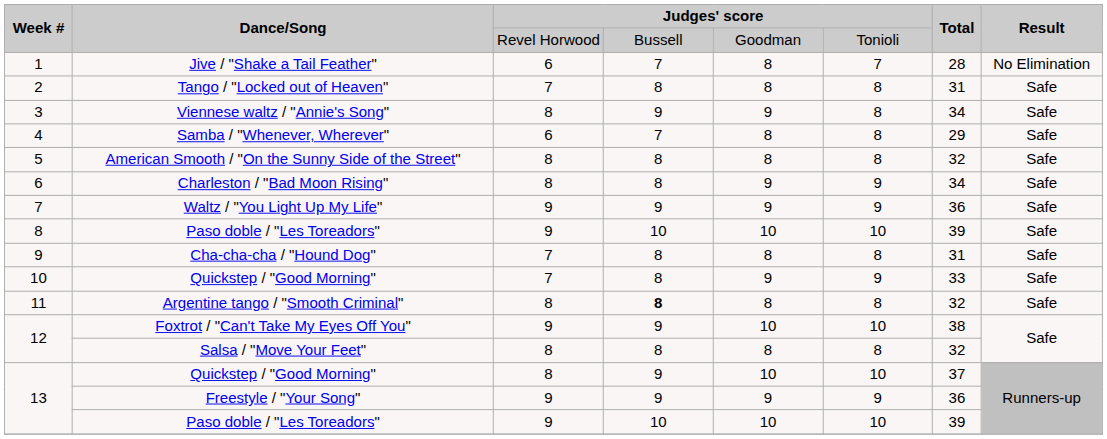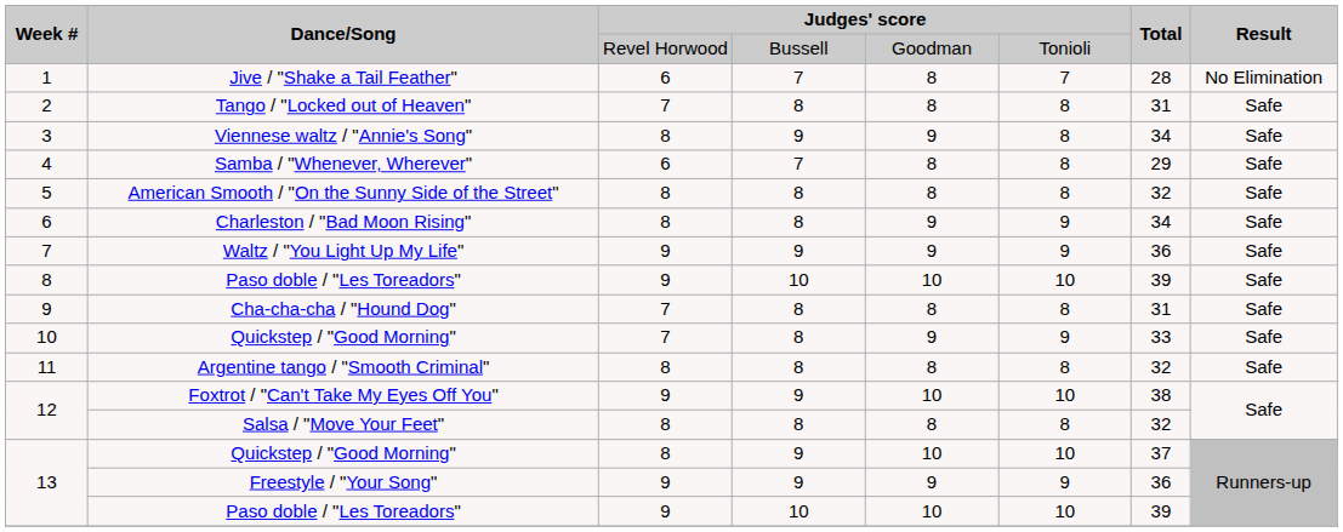 <table class="wikitable sortable" style="float:left;">
 <tr>
 <td rowspan="2" bgcolor="#CCCCCC" align="Center"><strong>Week #</strong></td>
 <td rowspan="2" bgcolor="#CCCCCC" align="Center"><strong>Dance/Song</strong></td>
 <td colspan="4" bgcolor="#CCCCCC" align="Center"><strong>Judges' score</strong></td>
 <td rowspan="2" bgcolor="#CCCCCC" align="Center"><strong>Total</strong></td>
 <td rowspan="2" bgcolor="#CCCCCC" align="Center"><strong>Result</strong></td>
 </tr>
 <tr>
 <td bgcolor="#CCCCCC" width="10%" align="center">Revel Horwood</td>
 <td bgcolor="#CCCCCC" width="10%" align="center">Bussell</td>
 <td bgcolor="#CCCCCC" width="10%" align="center">Goodman</td>
 <td bgcolor="#CCCCCC" width="10%" align="center">Tonioli</td>
 </tr>
 <tr align="center" bgcolor="#FAF6F6">
 <td>1</td>
 <td><a href='#'>Jive</a> / "<a href='#'>Shake a Tail Feather</a>"</td>
 <td>6</td>
 <td>7</td>
 <td>8</td>
 <td>7</td>
 <td>28</td>
 <td>No Elimination</td>
 </tr>
 <tr align="center" bgcolor="#FAF6F6">
 <td>2</td>
 <td><a href='#'>Tango</a> / "<a href='#'>Locked out of Heaven</a>"</td>
 <td>7</td>
 <td>8</td>
 <td>8</td>
 <td>8</td>
 <td>31</td>
 <td>Safe</td>
 </tr>
 <tr align="center" bgcolor="#FAF6F6">
 <td>3</td>
 <td><a href='#'>Viennese waltz</a> / "<a href='#'>Annie's Song</a>"</td>
 <td>8</td>
 <td>9</td>
 <td>9</td>
 <td>8</td>
 <td>34</td>
 <td>Safe</td>
 </tr>
 <tr align="center" bgcolor="#FAF6F6">
 <td>4</td>
 <td><a href='#'>Samba</a> / "<a href='#'>Whenever, Wherever</a>"</td>
 <td>6</td>
 <td>7</td>
 <td>8</td>
 <td>8</td>
 <td>29</td>
 <td>Safe</td>
 </tr>
 <tr align="center" bgcolor="#FAF6F6">
 <td>5</td>
 <td><a href='#'>American Smooth</a> / "<a href='#'>On the Sunny Side of the Street</a>"</td>
 <td>8</td>
 <td>8</td>
 <td>8</td>
 <td>8</td>
 <td>32</td>
 <td>Safe</td>
 </tr>
 <tr align="center" bgcolor="#FAF6F6">
 <td>6</td>
 <td><a href='#'>Charleston</a> / "<a href='#'>Bad Moon Rising</a>"</td>
 <td>8</td>
 <td>8</td>
 <td>9</td>
 <td>9</td>
 <td>34</td>
 <td>Safe</td>
 </tr>
 <tr align="center" bgcolor="#FAF6F6">
 <td>7</td>
 <td><a href='#'>Waltz</a> / "<a href='#'>You Light Up My Life</a>"</td>
 <td>9</td>
 <td>9</td>
 <td>9</td>
 <td>9</td>
 <td>36</td>
 <td>Safe</td>
 </tr>
 <tr align="center" bgcolor="#FAF6F6">
 <td>8</td>
 <td><a href='#'>Paso doble</a> / "<a href='#'>Les Toreadors</a>"</td>
 <td>9</td>
 <td>10</td>
 <td>10</td>
 <td>10</td>
 <td>39</td>
 <td>Safe</td>
 </tr>
 <tr align="center" bgcolor="#FAF6F6">
 <td>9</td>
 <td><a href='#'>Cha-cha-cha</a> / "<a href='#'>Hound Dog</a>"</td>
 <td>7</td>
 <td>8</td>
 <td>8</td>
 <td>8</td>
 <td>31</td>
 <td>Safe</td>
 </tr>
 <tr align="center" bgcolor="#FAF6F6">
 <td>10</td>
 <td><a href='#'>Quickstep</a> / "<a href='#'>Good Morning</a>"</td>
 <td>7</td>
 <td>8</td>
 <td>9</td>
 <td>9</td>
 <td>33</td>
 <td>Safe</td>
 </tr>
 <tr align="center" bgcolor="#FAF6F6">
 <td>11</td>
 <td><a href='#'>Argentine tango</a> / "<a href='#'>Smooth Criminal</a>"</td>
 <td>8</td>
-<td><strong>8</strong></td>
+<td>8</td>
 <td>8</td>
 <td>8</td>
 <td>32</td>
 <td>Safe</td>
 </tr>
 <tr align="center" bgcolor="#FAF6F6">
 <td rowspan=2>12</td>
 <td><a href='#'>Foxtrot</a> / "<a href='#'>Can't Take My Eyes Off You</a>"</td>
 <td>9</td>
 <td>9</td>
 <td>10</td>
 <td>10</td>
 <td>38</td>
 <td rowspan=2>Safe</td>
 </tr>
 <tr align="center" bgcolor="#FAF6F6">
 <td><a href='#'>Salsa</a> / "<a href='#'>Move Your Feet</a>"</td>
 <td>8</td>
 <td>8</td>
 <td>8</td>
 <td>8</td>
 <td>32</td>
 </tr>
 <tr align="center" bgcolor="#FAF6F6">
 <td rowspan=3>13</td>
 <td><a href='#'>Quickstep</a> / "<a href='#'>Good Morning</a>"</td>
 <td>8</td>
 <td>9</td>
 <td>10</td>
 <td>10</td>
 <td>37</td>
 <td rowspan="3" bgcolor="silver">Runners-up</td>
 </tr>
 <tr align="center" bgcolor="#FAF6F6">
 <td><a href='#'>Freestyle</a> / "<a href='#'>Your Song</a>"</td>
 <td>9</td>
 <td>9</td>
 <td>9</td>
 <td>9</td>
 <td>36</td>
 </tr>
 <tr align="center" bgcolor="#FAF6F6">
 <td><a href='#'>Paso doble</a> / "<a href='#'>Les Toreadors</a>"</td>
 <td>9</td>
 <td>10</td>
 <td>10</td>
 <td>10</td>
 <td>39</td>
 </tr>
 <tr align="center" bgcolor="#FAF6F6">
 </tr>
 </table>
